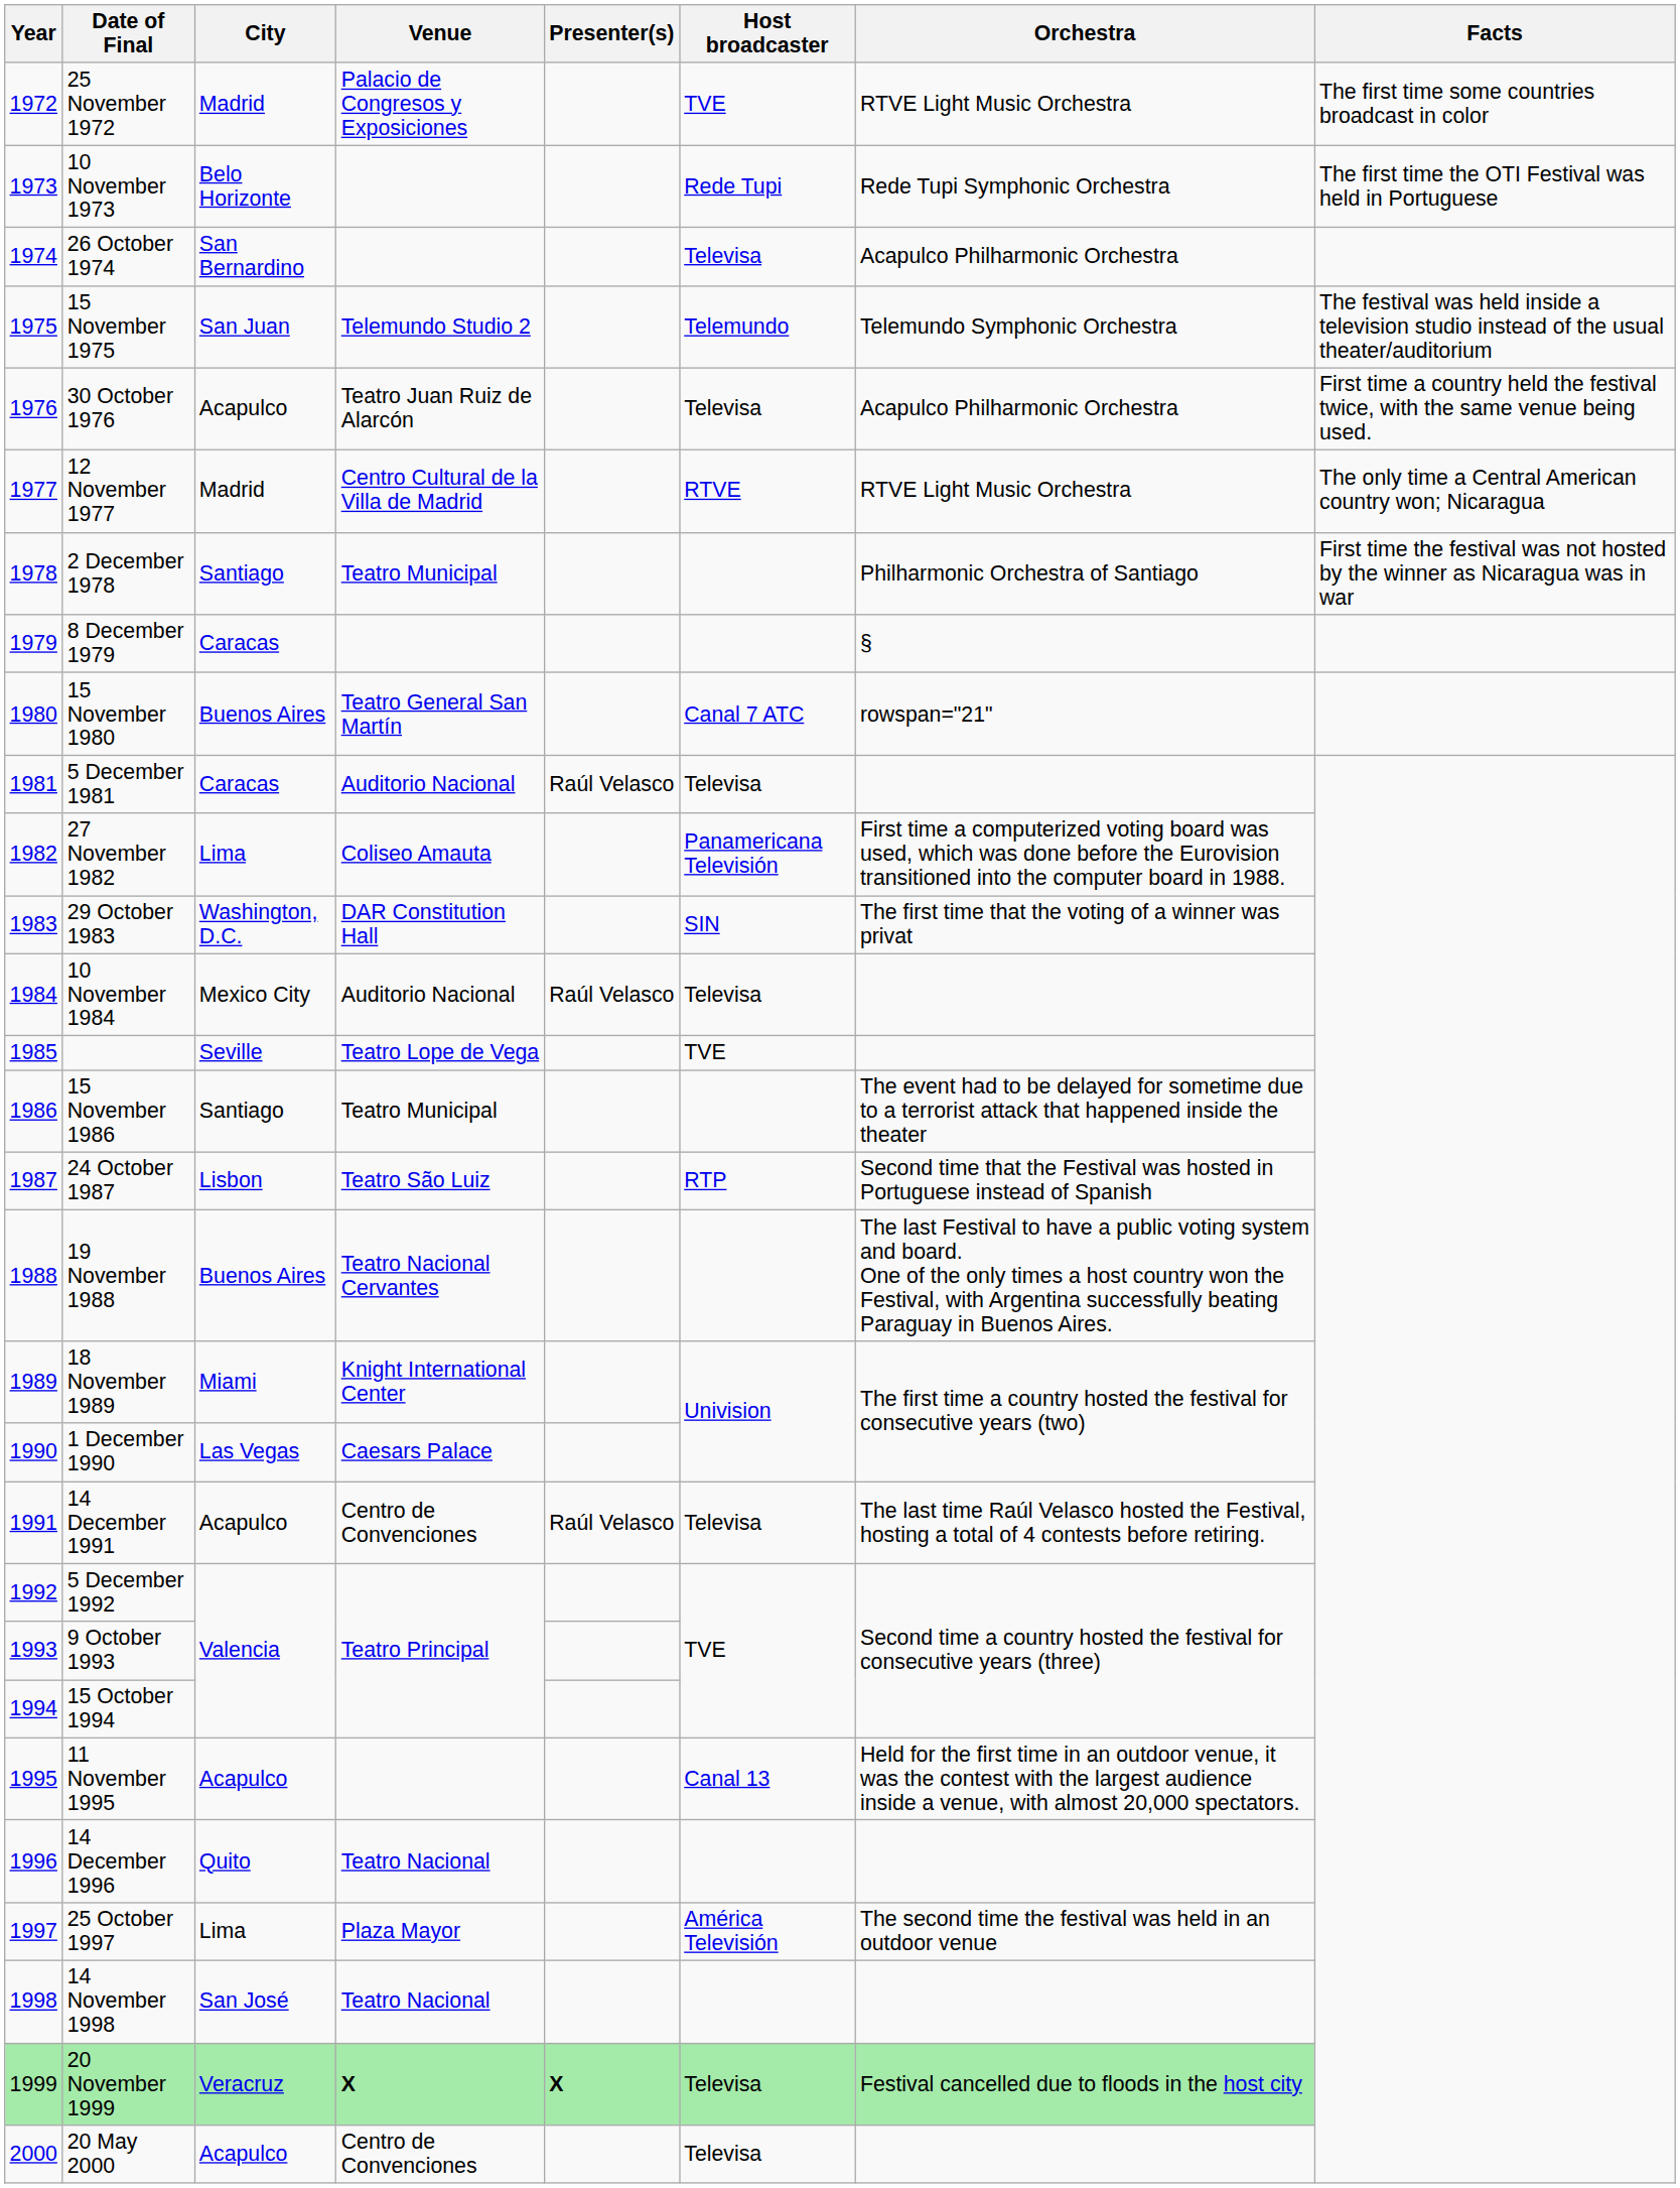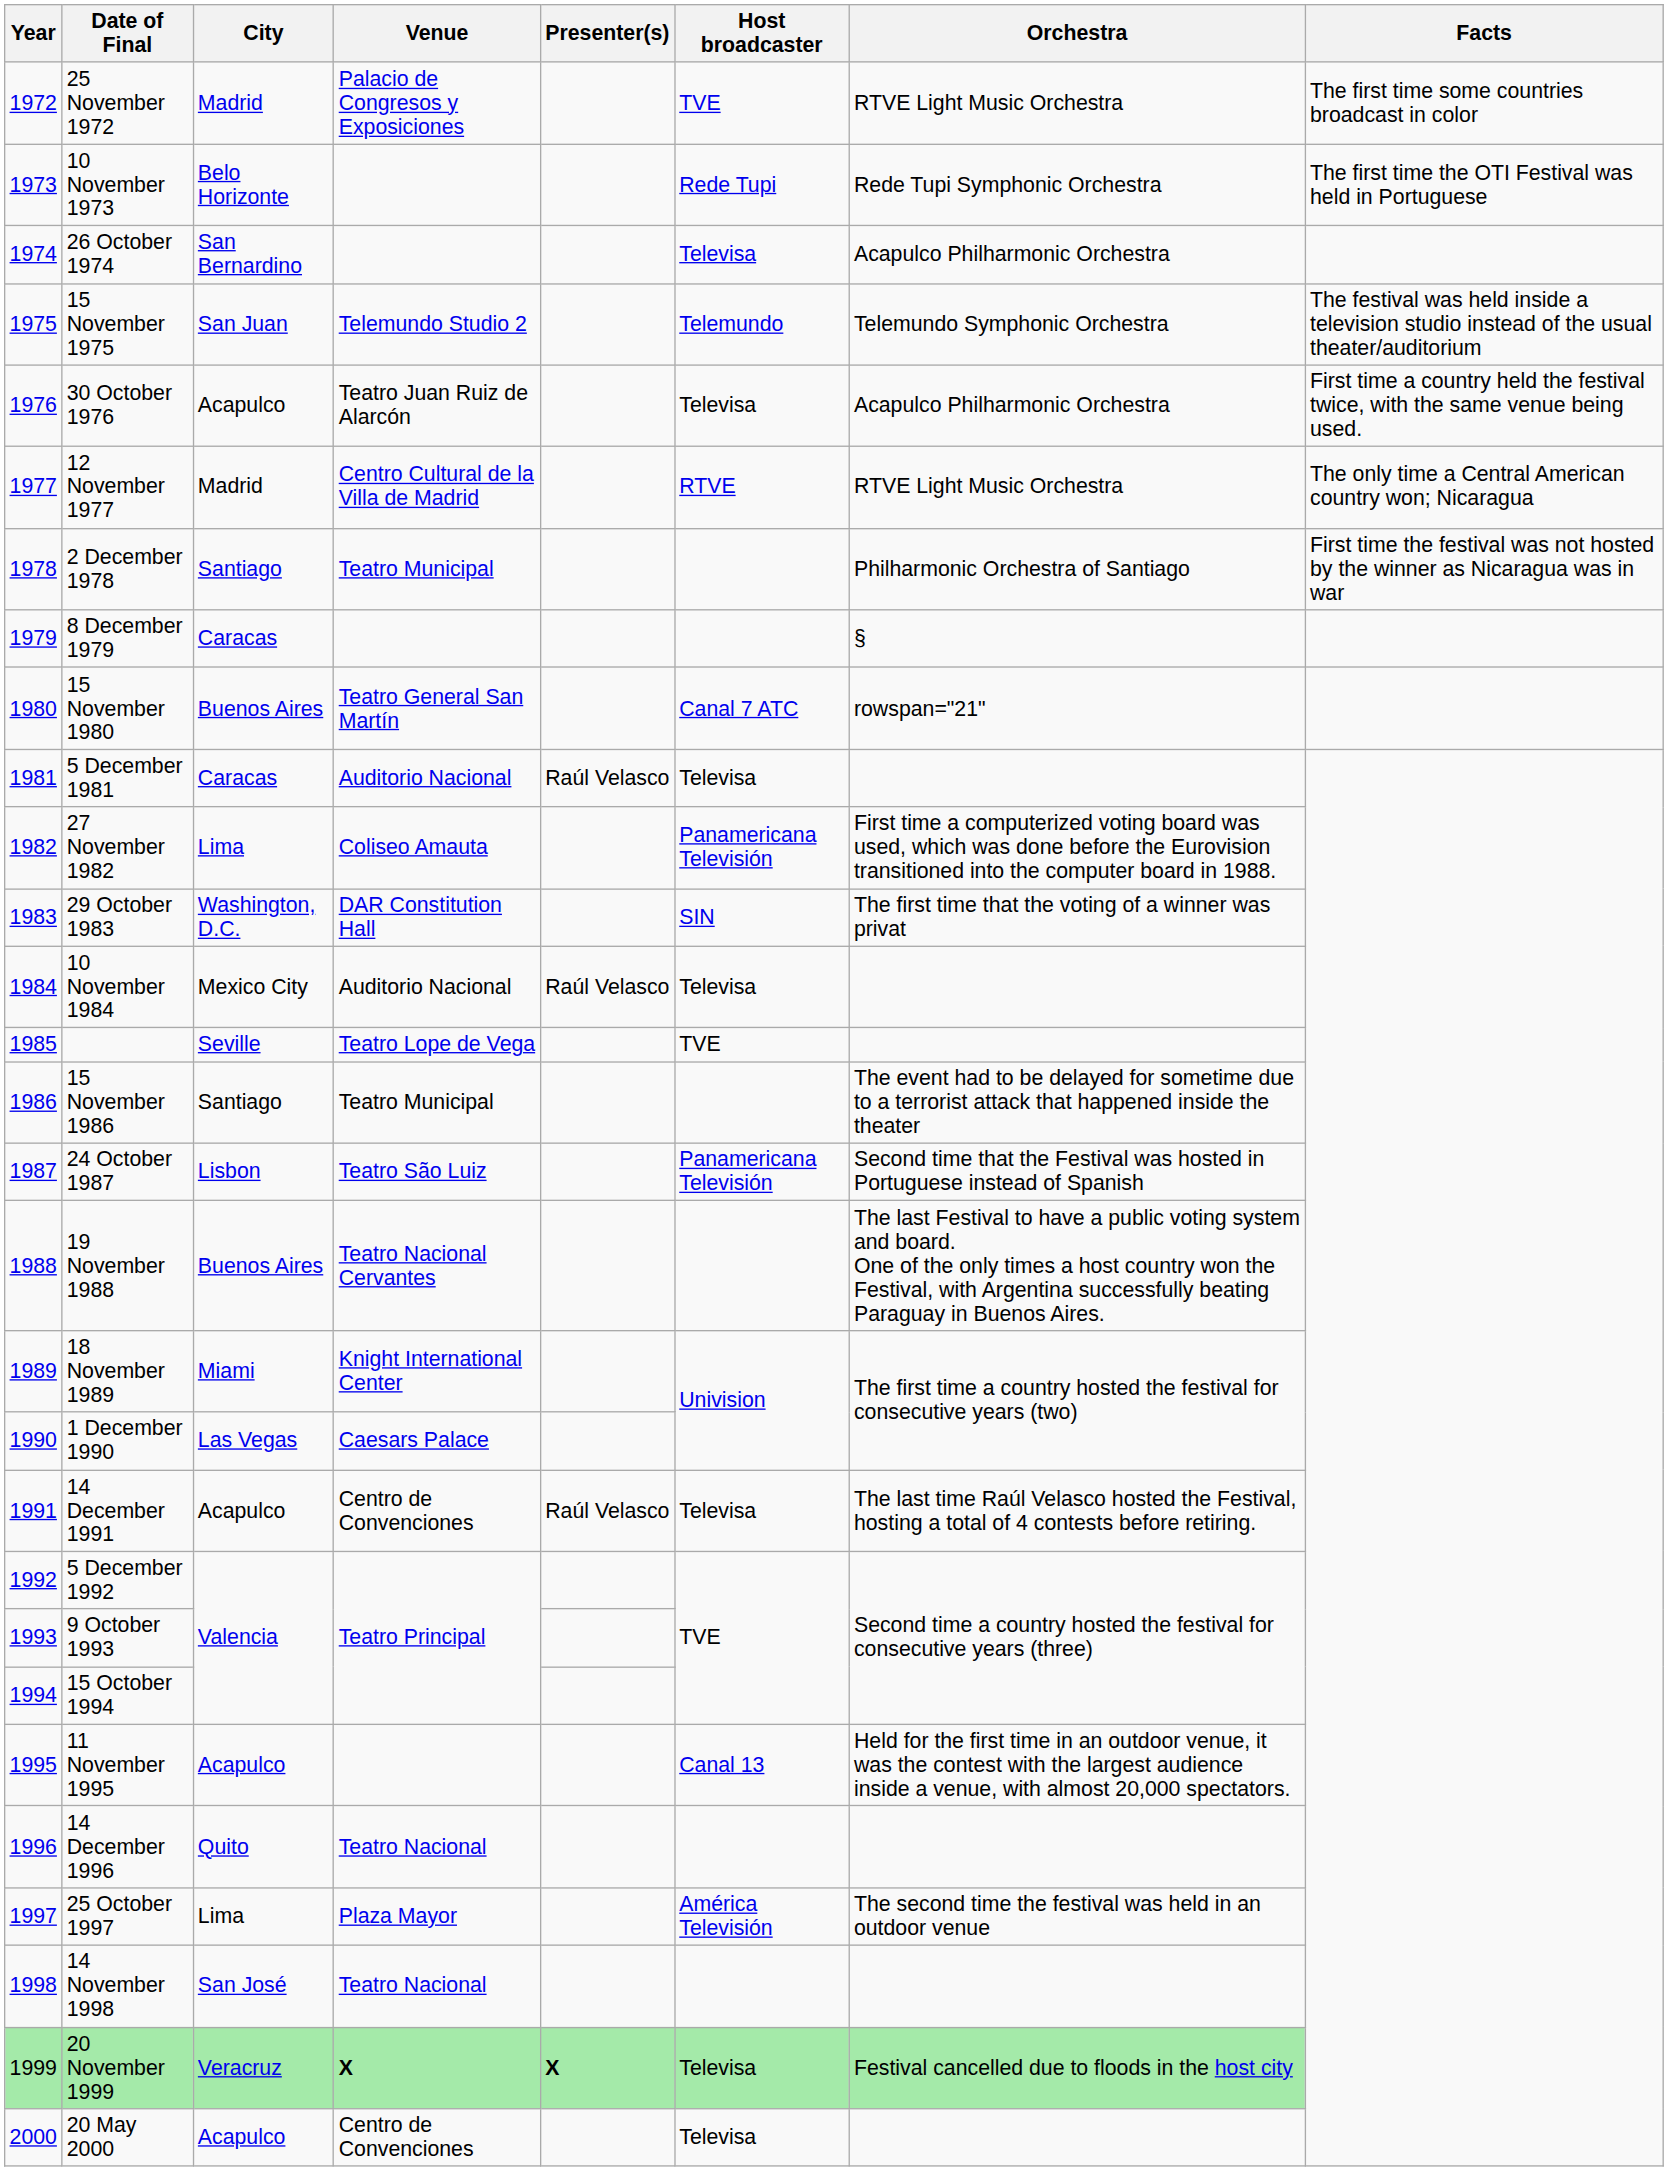 <table class="wikitable">
 <tr>
 <th>Year</th>
 <th>Date of Final</th>
 <th>City</th>
 <th>Venue</th>
 <th>Presenter(s)</th>
 <th>Host broadcaster</th>
 <th>Orchestra</th>
 <th>Facts</th>
 </tr>
 <tr>
 <td><a href='#'>1972</a></td>
 <td>25 November 1972</td>
 <td> <a href='#'>Madrid</a></td>
 <td><a href='#'>Palacio de Congresos y Exposiciones</a></td>
 <td></td>
 <td><a href='#'>TVE</a></td>
 <td>RTVE Light Music Orchestra</td>
 <td>The first time some countries broadcast in color</td>
 </tr>
 <tr>
 <td><a href='#'>1973</a></td>
 <td>10 November 1973</td>
 <td> <a href='#'>Belo Horizonte</a></td>
 <td></td>
 <td></td>
 <td><a href='#'>Rede Tupi</a></td>
 <td>Rede Tupi Symphonic Orchestra</td>
 <td>The first time the OTI Festival was held in Portuguese</td>
 </tr>
 <tr>
 <td><a href='#'>1974</a></td>
 <td>26 October 1974</td>
 <td> <a href='#'>San Bernardino</a></td>
 <td></td>
 <td></td>
 <td><a href='#'>Televisa</a></td>
 <td>Acapulco Philharmonic Orchestra</td>
 <td></td>
 </tr>
 <tr>
 <td><a href='#'>1975</a></td>
 <td>15 November 1975</td>
 <td> <a href='#'>San Juan</a></td>
 <td><a href='#'>Telemundo Studio 2</a></td>
 <td></td>
 <td><a href='#'>Telemundo</a></td>
 <td>Telemundo Symphonic Orchestra</td>
 <td>The festival was held inside a television studio instead of the usual theater/auditorium</td>
 </tr>
 <tr>
 <td><a href='#'>1976</a></td>
 <td>30 October 1976</td>
 <td> Acapulco</td>
 <td>Teatro Juan Ruiz de Alarcón</td>
 <td></td>
 <td>Televisa</td>
 <td>Acapulco Philharmonic Orchestra</td>
 <td>First time a country held the festival twice, with the same venue being used.</td>
 </tr>
 <tr>
 <td><a href='#'>1977</a></td>
 <td>12 November 1977</td>
 <td> Madrid</td>
 <td><a href='#'>Centro Cultural de la Villa de Madrid</a></td>
 <td></td>
 <td><a href='#'>RTVE</a></td>
 <td>RTVE Light Music Orchestra</td>
 <td>The only time a Central American country won; Nicaragua</td>
 </tr>
 <tr>
 <td><a href='#'>1978</a></td>
 <td>2 December 1978</td>
 <td> <a href='#'>Santiago</a></td>
 <td><a href='#'>Teatro Municipal</a></td>
 <td></td>
 <td></td>
 <td>Philharmonic Orchestra of Santiago</td>
 <td>First time the festival was not hosted by the winner as Nicaragua was in war</td>
 </tr>
 <tr>
 <td><a href='#'>1979</a></td>
 <td>8 December 1979</td>
 <td> <a href='#'>Caracas</a></td>
 <td></td>
 <td></td>
 <td></td>
 <td>§</td>
 <td></td>
 </tr>
 <tr>
 <td><a href='#'>1980</a></td>
 <td>15 November 1980</td>
 <td> <a href='#'>Buenos Aires</a></td>
 <td><a href='#'>Teatro General San Martín</a></td>
 <td></td>
 <td><a href='#'>Canal 7 ATC</a></td>
 <td>rowspan="21" </td>
 <td></td>
 </tr>
 <tr>
 <td><a href='#'>1981</a></td>
 <td>5 December 1981</td>
 <td> <a href='#'>Caracas</a></td>
 <td><a href='#'>Auditorio Nacional</a></td>
 <td>Raúl Velasco</td>
 <td>Televisa</td>
 <td></td>
 </tr>
 <tr>
 <td><a href='#'>1982</a></td>
 <td>27 November 1982</td>
 <td> <a href='#'>Lima</a></td>
 <td><a href='#'>Coliseo Amauta</a></td>
 <td></td>
 <td><a href='#'>Panamericana Televisión</a></td>
 <td>First time a computerized voting board was used, which was done before the Eurovision transitioned into the computer board in 1988.</td>
 </tr>
 <tr>
 <td><a href='#'>1983</a></td>
 <td>29 October 1983</td>
 <td> <a href='#'>Washington, D.C.</a></td>
 <td><a href='#'>DAR Constitution Hall</a></td>
 <td></td>
 <td><a href='#'>SIN</a></td>
 <td>The first time that the voting of a winner was privat</td>
 </tr>
 <tr>
 <td><a href='#'>1984</a></td>
 <td>10 November 1984</td>
 <td> Mexico City</td>
 <td>Auditorio Nacional</td>
 <td>Raúl Velasco</td>
 <td>Televisa</td>
 <td></td>
 </tr>
 <tr>
 <td><a href='#'>1985</a></td>
 <td></td>
 <td> <a href='#'>Seville</a></td>
 <td><a href='#'>Teatro Lope de Vega</a></td>
 <td></td>
 <td>TVE</td>
 <td></td>
 </tr>
 <tr>
 <td><a href='#'>1986</a></td>
 <td>15 November 1986</td>
 <td> Santiago</td>
 <td>Teatro Municipal</td>
 <td></td>
 <td></td>
 <td>The event had to be delayed for sometime due to a terrorist attack that happened inside the theater</td>
 </tr>
 <tr>
 <td><a href='#'>1987</a></td>
 <td>24 October 1987</td>
 <td> <a href='#'>Lisbon</a></td>
 <td><a href='#'>Teatro São Luiz</a></td>
 <td></td>
-<td><a href='#'>RTP</a></td>
+<td><a href='#'>Panamericana Televisión</a></td>
 <td>Second time that the Festival was hosted in Portuguese instead of Spanish</td>
 </tr>
 <tr>
 <td><a href='#'>1988</a></td>
 <td>19 November 1988</td>
 <td> <a href='#'>Buenos Aires</a></td>
 <td><a href='#'>Teatro Nacional Cervantes</a></td>
 <td></td>
 <td></td>
 <td>The last Festival to have a public voting system and board.<br>One of the only times a host country won the Festival, with Argentina successfully beating Paraguay in Buenos Aires.</td>
 </tr>
 <tr>
 <td><a href='#'>1989</a></td>
 <td>18 November 1989</td>
 <td> <a href='#'>Miami</a></td>
 <td><a href='#'>Knight International Center</a></td>
 <td></td>
 <td rowspan=2><a href='#'>Univision</a></td>
 <td rowspan="2">The first time a country hosted the festival for consecutive years (two)</td>
 </tr>
 <tr>
 <td><a href='#'>1990</a></td>
 <td>1 December 1990</td>
 <td> <a href='#'>Las Vegas</a></td>
 <td><a href='#'>Caesars Palace</a></td>
 <td></td>
 </tr>
 <tr>
 <td><a href='#'>1991</a></td>
 <td>14 December 1991</td>
 <td> Acapulco</td>
 <td>Centro de Convenciones</td>
 <td>Raúl Velasco</td>
 <td>Televisa</td>
 <td>The last time Raúl Velasco hosted the Festival, hosting a total of 4 contests before retiring.</td>
 </tr>
 <tr>
 <td><a href='#'>1992</a></td>
 <td>5 December 1992</td>
 <td rowspan=3> <a href='#'>Valencia</a></td>
 <td rowspan=3><a href='#'>Teatro Principal</a></td>
 <td></td>
 <td rowspan=3>TVE</td>
 <td rowspan="3">Second time a country hosted the festival for consecutive years (three)</td>
 </tr>
 <tr>
 <td><a href='#'>1993</a></td>
 <td>9 October 1993</td>
 <td></td>
 </tr>
 <tr>
 <td><a href='#'>1994</a></td>
 <td>15 October 1994</td>
 <td></td>
 </tr>
 <tr>
 <td><a href='#'>1995</a></td>
 <td>11 November 1995</td>
 <td> <a href='#'>Acapulco</a></td>
 <td></td>
 <td></td>
 <td><a href='#'>Canal 13</a></td>
 <td>Held for the first time in an outdoor venue, it was the contest with the largest audience inside a venue, with almost 20,000 spectators.</td>
 </tr>
 <tr>
 <td><a href='#'>1996</a></td>
 <td>14 December 1996</td>
 <td> <a href='#'>Quito</a></td>
 <td><a href='#'>Teatro Nacional</a></td>
 <td></td>
 <td></td>
 <td></td>
 </tr>
 <tr>
 <td><a href='#'>1997</a></td>
 <td>25 October 1997</td>
 <td> Lima</td>
 <td><a href='#'>Plaza Mayor</a></td>
 <td></td>
 <td><a href='#'>América Televisión</a></td>
 <td>The second time the festival was held in an outdoor venue</td>
 </tr>
 <tr>
 <td><a href='#'>1998</a></td>
 <td>14 November 1998</td>
 <td> <a href='#'>San José</a></td>
 <td><a href='#'>Teatro Nacional</a></td>
 <td></td>
 <td></td>
 <td></td>
 </tr>
 <tr bgcolor=#A4EAA9>
 <td>1999</td>
 <td>20 November 1999</td>
 <td> <a href='#'>Veracruz</a></td>
 <td><strong>X</strong></td>
 <td><strong>X</strong></td>
 <td>Televisa</td>
 <td>Festival cancelled due to floods in the <a href='#'>host city</a></td>
 </tr>
 <tr>
 <td><a href='#'>2000</a></td>
 <td>20 May 2000</td>
 <td> <a href='#'>Acapulco</a></td>
 <td>Centro de Convenciones</td>
 <td></td>
 <td>Televisa</td>
 <td></td>
 </tr>
 </table>
